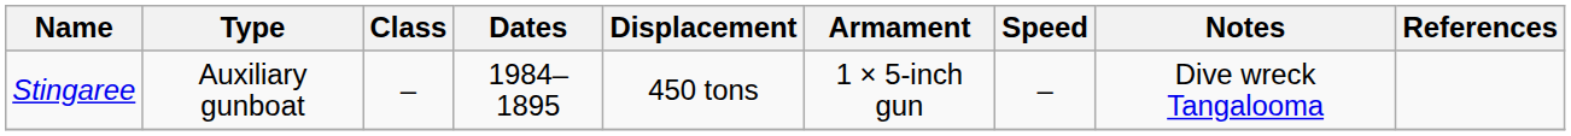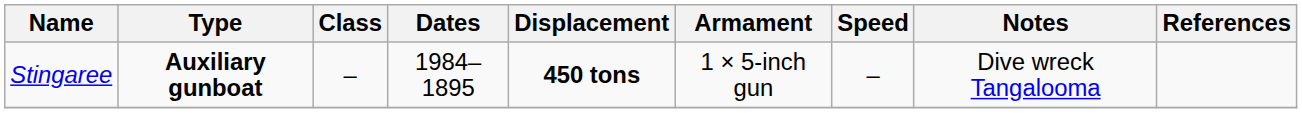 <table class="wikitable" style="text-align: center">
 <tr>
 <th>Name</th>
 <th>Type</th>
 <th>Class</th>
 <th>Dates</th>
 <th>Displacement</th>
 <th>Armament</th>
 <th>Speed</th>
 <th>Notes</th>
 <th>References</th>
 </tr>
 <tr>
 <td><a href='#'><em>Stingaree</em></a></td>
-<td>Auxiliary gunboat</td>
+<td><strong>Auxiliary gunboat</strong></td>
 <td>–</td>
 <td>1984–1895</td>
-<td>450 tons</td>
+<td><strong>450 tons</strong></td>
 <td>1 × 5-inch gun</td>
 <td>–</td>
 <td>Dive wreck <a href='#'>Tangalooma</a></td>
 <td></td>
 </tr>
 <tr>
 </tr>
 </table>
